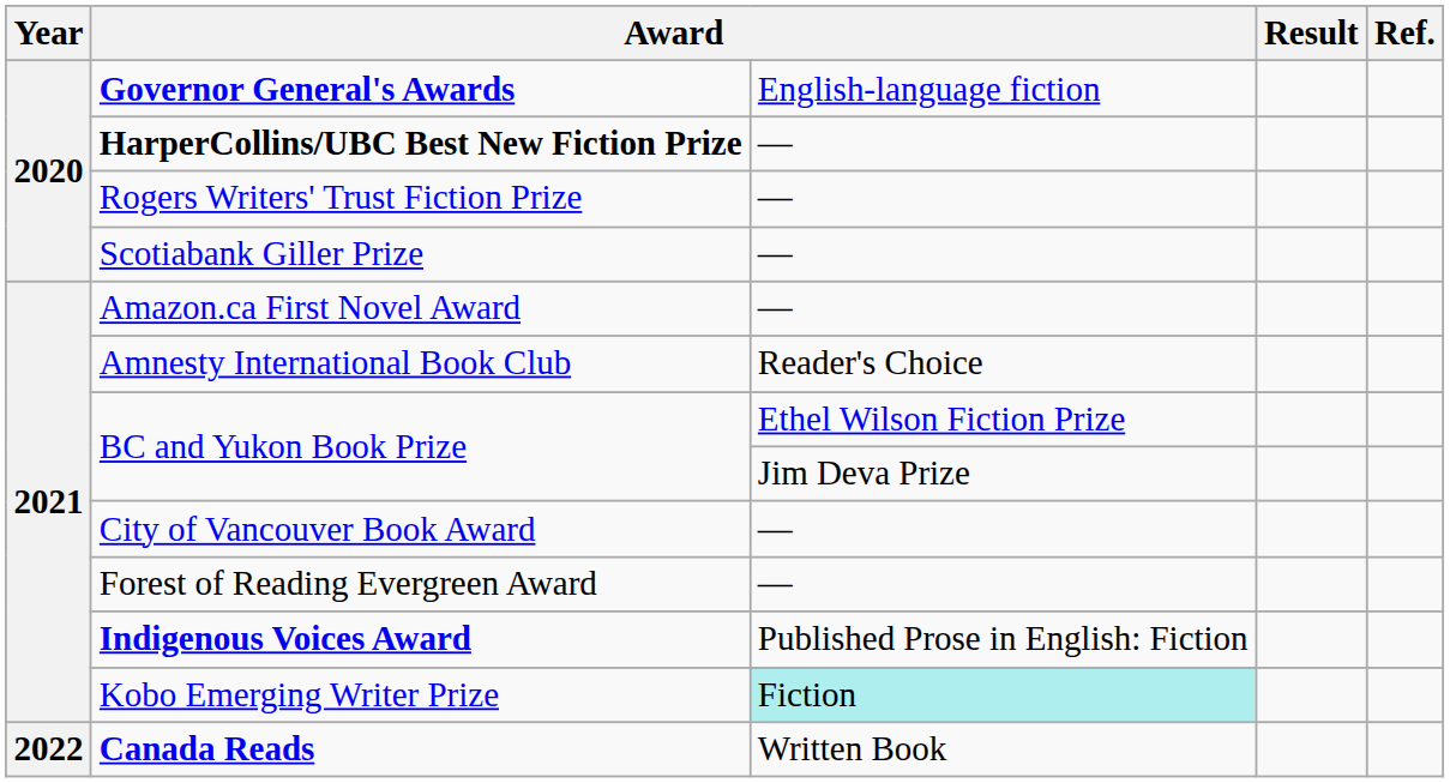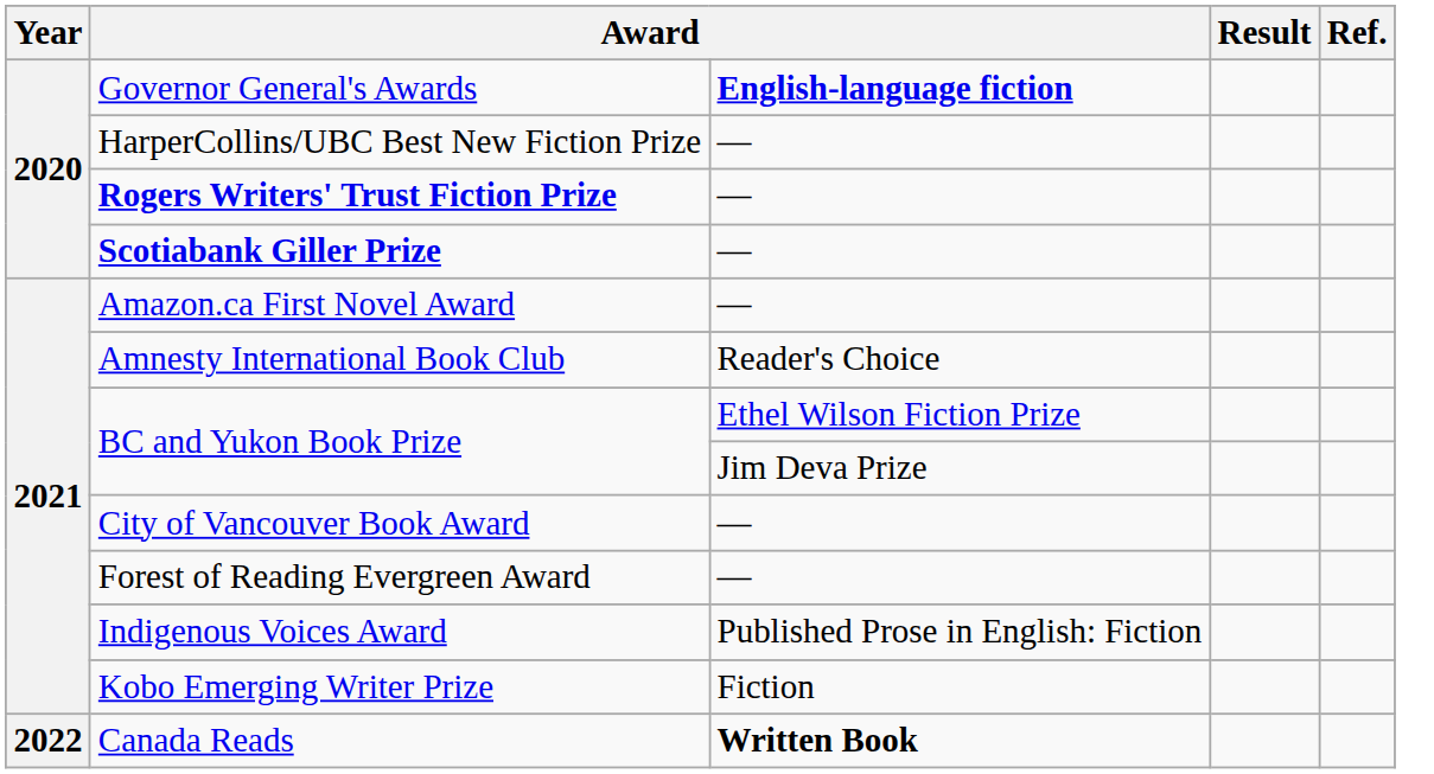 <table class="wikitable sortable">
 <tr>
 <th>Year</th>
 <th colspan="2">Award</th>
 <th>Result</th>
 <th>Ref.</th>
 </tr>
 <tr>
 <th rowspan="4">2020</th>
-<td><strong><a href='#'>Governor General's Awards</a></strong></td>
-<td><a href='#'>English-language fiction</a></td>
+<td><a href='#'>Governor General's Awards</a></td>
+<td><strong><a href='#'>English-language fiction</a></strong></td>
 <td></td>
 <td><em></em></td>
 </tr>
 <tr>
-<td><strong>HarperCollins/UBC Best New Fiction Prize</strong></td>
+<td>HarperCollins/UBC Best New Fiction Prize</td>
 <td>—</td>
 <td></td>
 <td></td>
 </tr>
 <tr>
-<td><a href='#'>Rogers Writers' Trust Fiction Prize</a></td>
+<td><strong><a href='#'>Rogers Writers' Trust Fiction Prize</a></strong></td>
 <td>—</td>
 <td></td>
 <td></td>
 </tr>
 <tr>
-<td><a href='#'>Scotiabank Giller Prize</a></td>
+<td><strong><a href='#'>Scotiabank Giller Prize</a></strong></td>
 <td>—</td>
 <td></td>
 <td></td>
 </tr>
 <tr>
 <th rowspan="8">2021</th>
 <td><a href='#'>Amazon.ca First Novel Award</a></td>
 <td>—</td>
 <td></td>
 <td></td>
 </tr>
 <tr>
 <td><a href='#'>Amnesty International Book Club</a></td>
 <td>Reader's Choice</td>
 <td></td>
 <td></td>
 </tr>
 <tr>
 <td rowspan="2"><a href='#'>BC and Yukon Book Prize</a></td>
 <td><a href='#'>Ethel Wilson Fiction Prize</a></td>
 <td></td>
 <td></td>
 </tr>
 <tr>
 <td>Jim Deva Prize</td>
 <td></td>
 <td></td>
 </tr>
 <tr>
 <td><a href='#'>City of Vancouver Book Award</a></td>
 <td>—</td>
 <td></td>
 <td></td>
 </tr>
 <tr>
 <td>Forest of Reading Evergreen Award</td>
 <td>—</td>
 <td></td>
 <td></td>
 </tr>
 <tr>
-<td><strong><a href='#'>Indigenous Voices Award</a></strong></td>
+<td><a href='#'>Indigenous Voices Award</a></td>
 <td>Published Prose in English: Fiction</td>
 <td></td>
 <td></td>
 </tr>
 <tr>
 <td><a href='#'>Kobo Emerging Writer Prize</a></td>
-<td style="background: paleturquoise;">Fiction</td>
+<td>Fiction</td>
 <td></td>
 <td></td>
 </tr>
 <tr>
 <th>2022</th>
-<td><strong><a href='#'>Canada Reads</a></strong></td>
-<td>Written Book</td>
+<td><a href='#'>Canada Reads</a></td>
+<td><strong>Written Book</strong></td>
 <td></td>
 <td></td>
 </tr>
 </table>
